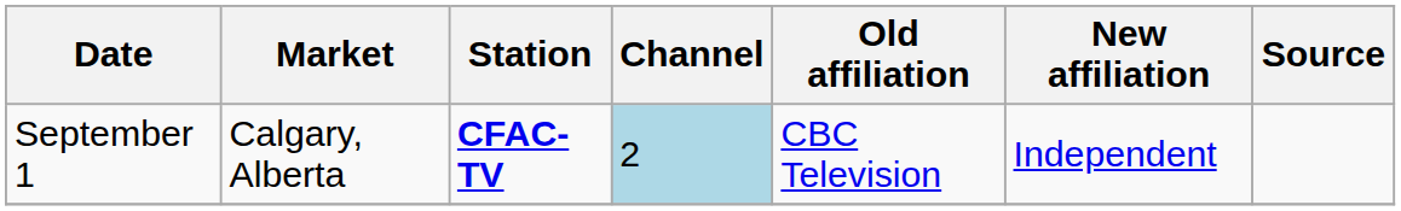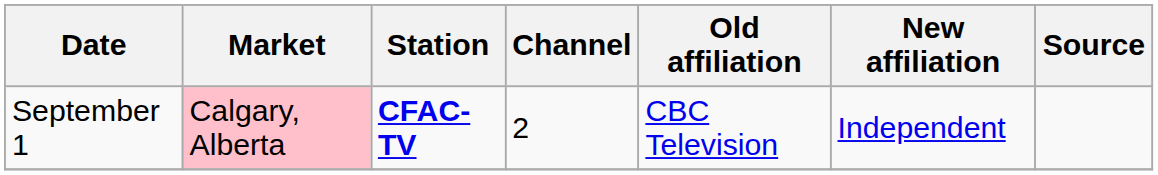 <table class="wikitable">
 <tr>
 <th>Date</th>
 <th>Market</th>
 <th>Station</th>
 <th>Channel</th>
 <th>Old affiliation</th>
 <th>New affiliation</th>
 <th>Source</th>
 </tr>
 <tr>
 <td>September 1</td>
-<td>Calgary, Alberta</td>
+<td style="background: pink;">Calgary, Alberta</td>
 <td><strong><a href='#'>CFAC-TV</a> <br> </strong></td>
-<td style="background: lightblue;">2</td>
+<td>2</td>
 <td><a href='#'>CBC Television</a></td>
 <td><a href='#'>Independent</a></td>
 <td></td>
 </tr>
 <tr>
 </tr>
 </table>
